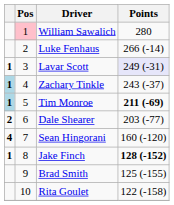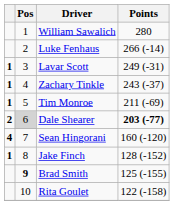 <table class="wikitable" style="font-size: 95%;">
 <tr>
 <th></th>
 <th>Pos</th>
 <th>Driver</th>
 <th>Points</th>
 </tr>
 <tr>
 <td align="left"></td>
-<td style="background: pink; text-align:center;">1</td>
+<td style="text-align:center;">1</td>
 <td><a href='#'>William Sawalich</a></td>
 <td style="text-align:center;">280</td>
 </tr>
 <tr>
 <td align="left"></td>
 <td style="text-align:center;">2</td>
 <td><a href='#'>Luke Fenhaus</a></td>
 <td style="text-align:center;">266 (-14)</td>
 </tr>
 <tr>
 <td align="left"> <strong>1</strong></td>
 <td style="text-align:center;">3</td>
 <td><a href='#'>Lavar Scott</a></td>
-<td style="background: lavender; text-align:center;">249 (-31)</td>
+<td style="text-align:center;">249 (-31)</td>
 </tr>
 <tr>
-<td align="left" style="background: lightblue;"> <strong>1</strong></td>
+<td align="left"> <strong>1</strong></td>
 <td style="text-align:center;">4</td>
 <td><a href='#'>Zachary Tinkle</a></td>
 <td style="text-align:center;">243 (-37)</td>
 </tr>
 <tr>
-<td align="left" style="background: lightblue;"> <strong>1</strong></td>
+<td align="left"> <strong>1</strong></td>
 <td style="text-align:center;">5</td>
 <td><a href='#'>Tim Monroe</a></td>
-<td style="text-align:center;"><strong>211 (-69)</strong></td>
+<td style="text-align:center;">211 (-69)</td>
 </tr>
 <tr>
 <td align="left"> <strong>2</strong></td>
-<td style="text-align:center;">6</td>
+<td style="background: lightgrey; text-align:center;">6</td>
 <td><a href='#'>Dale Shearer</a></td>
-<td style="text-align:center;">203 (-77)</td>
+<td style="text-align:center;"><strong>203 (-77)</strong></td>
 </tr>
 <tr>
 <td align="left"> <strong>4</strong></td>
 <td style="text-align:center;">7</td>
 <td><a href='#'>Sean Hingorani</a></td>
 <td style="text-align:center;">160 (-120)</td>
 </tr>
 <tr>
 <td align="left"> <strong>1</strong></td>
 <td style="text-align:center;">8</td>
 <td><a href='#'>Jake Finch</a></td>
-<td style="text-align:center;"><strong>128 (-152)</strong></td>
+<td style="text-align:center;">128 (-152)</td>
 </tr>
 <tr>
 <td align="left"></td>
-<td style="text-align:center;">9</td>
+<td style="text-align:center;"><strong>9</strong></td>
 <td><a href='#'>Brad Smith</a></td>
 <td style="text-align:center;">125 (-155)</td>
 </tr>
 <tr>
 <td align="left"></td>
 <td style="text-align:center;">10</td>
 <td><a href='#'>Rita Goulet</a></td>
 <td style="text-align:center;">122 (-158)</td>
 </tr>
 <tr class="sortbottom">
 </tr>
 </table>
